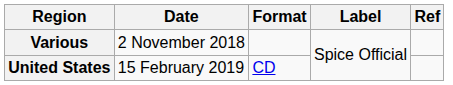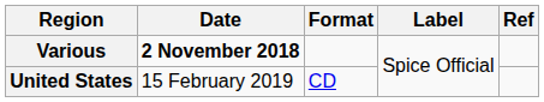 <table class="wikitable plainrowheaders">
 <tr>
 <th scope="col">Region</th>
 <th scope="col">Date</th>
 <th scope="col">Format</th>
 <th scope="col">Label</th>
 <th scope="col">Ref</th>
 </tr>
 <tr>
 <th scope="row">Various</th>
-<td>2 November 2018</td>
+<td><strong>2 November 2018</strong></td>
 <td></td>
 <td rowspan="3">Spice Official</td>
 <td align="center"></td>
 </tr>
 <tr>
 <th scope="row">United States</th>
 <td rowspan="2">15 February 2019</td>
 <td rowspan="2"><a href='#'>CD</a></td>
 <td align="center"></td>
 </tr>
 </table>
